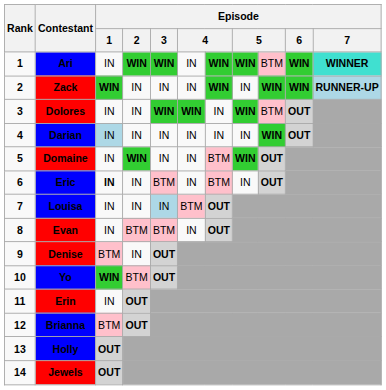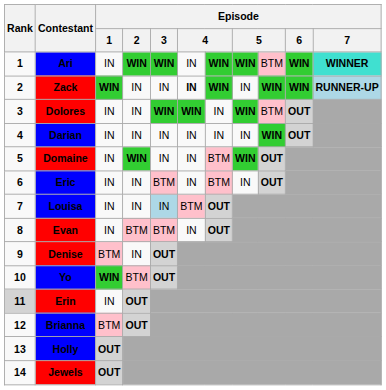 <table class="wikitable" style="text-align: center; font-size: 8.5pt; line-height:20px;">
 <tr>
 <th rowspan="2">Rank</th>
 <th rowspan="2">Contestant</th>
 <th colspan="11">Episode</th>
 </tr>
 <tr>
 <th>1</th>
 <th>2</th>
 <th>3</th>
 <th colspan=2>4</th>
 <th colspan=2>5</th>
 <th>6</th>
 <th>7</th>
 </tr>
 <tr>
 <td><strong>1</strong></td>
 <td style="background:blue"><span><strong>Ari</strong></span></td>
 <td>IN</td>
 <td style="background:limegreen;"><strong>WIN</strong></td>
 <td style="background:limegreen;"><strong>WIN</strong></td>
 <td>IN</td>
 <td style="background:limegreen;"><strong>WIN</strong></td>
 <td style="background:limegreen;"><strong>WIN</strong></td>
 <td style="background:pink;">BTM</td>
 <td style="background:limegreen;"><strong>WIN</strong></td>
 <td style="background:turquoise"><strong>WINNER</strong></td>
 </tr>
 <tr>
 <td><strong>2</strong></td>
 <td style="background:red"><span><strong>Zack</strong></span></td>
 <td style="background:limegreen;"><strong>WIN</strong></td>
 <td>IN</td>
 <td>IN</td>
-<td>IN</td>
+<td><strong>IN</strong></td>
 <td style="background:limegreen;"><strong>WIN</strong></td>
 <td>IN</td>
 <td style="background:limegreen;"><strong>WIN</strong></td>
 <td style="background:limegreen;"><strong>WIN</strong></td>
 <td style="background:lightblue"><strong>RUNNER-UP</strong></td>
 </tr>
 <tr>
 <td><strong>3</strong></td>
 <td style="background:red"><span><strong>Dolores</strong></span></td>
 <td>IN</td>
 <td>IN</td>
 <td style="background:limegreen;"><strong>WIN</strong></td>
 <td style="background:limegreen;"><strong>WIN</strong></td>
 <td>IN</td>
 <td style="background:limegreen;"><strong>WIN</strong></td>
 <td style="background:pink;">BTM</td>
 <td style="background:lightgray;"><strong>OUT</strong></td>
 <td colspan="12" style="background:darkgrey;"></td>
 </tr>
 <tr>
 <td><strong>4</strong></td>
 <td style="background:blue"><span><strong>Darian</strong></span></td>
-<td style="background: lightblue;">IN</td>
+<td>IN</td>
 <td>IN</td>
 <td>IN</td>
 <td>IN</td>
 <td>IN</td>
 <td>IN</td>
 <td style="background:limegreen;"><strong>WIN</strong></td>
 <td style="background:lightgray;"><strong>OUT</strong></td>
 <td colspan="12" style="background:darkgrey;"></td>
 </tr>
 <tr>
 <td><strong>5</strong></td>
 <td style="background:red"><span><strong>Domaine</strong></span></td>
 <td>IN</td>
 <td style="background:limegreen;"><strong>WIN</strong></td>
 <td>IN</td>
 <td>IN</td>
 <td style="background:pink;">BTM</td>
 <td style="background:limegreen;"><strong>WIN</strong></td>
 <td style="background:lightgray;"><strong>OUT</strong></td>
 <td colspan="12" style="background:darkgrey;"></td>
 </tr>
 <tr>
 <td><strong>6</strong></td>
 <td style="background:blue"><span><strong>Eric</strong></span></td>
-<td><strong>IN</strong></td>
+<td>IN</td>
 <td>IN</td>
 <td style="background:pink;">BTM</td>
 <td>IN</td>
 <td style="background:pink;">BTM</td>
 <td>IN</td>
 <td style="background:lightgray;"><strong>OUT</strong></td>
 <td colspan="12" style="background:darkgrey;"></td>
 </tr>
 <tr>
 <td><strong>7</strong></td>
 <td style="background:blue"><span><strong>Louisa</strong></span></td>
 <td>IN</td>
 <td>IN</td>
 <td style="background: lightblue;">IN</td>
 <td style="background:pink;">BTM</td>
 <td style="background:lightgray;"><strong>OUT</strong></td>
 <td colspan="12" style="background:darkgrey;"></td>
 </tr>
 <tr>
 <td><strong>8</strong></td>
 <td style="background:red"><span><strong>Evan</strong></span></td>
 <td>IN</td>
 <td style="background:pink;">BTM</td>
 <td style="background:pink;">BTM</td>
 <td>IN</td>
 <td style="background:lightgray;"><strong>OUT</strong></td>
 <td colspan="12" style="background:darkgrey;"></td>
 </tr>
 <tr>
 <td><strong>9</strong></td>
 <td style="background:red"><span><strong>Denise</strong></span></td>
 <td style="background:pink;">BTM</td>
 <td>IN</td>
 <td style="background:lightgray;"><strong>OUT</strong></td>
 <td colspan="12" style="background:darkgrey;"></td>
 </tr>
 <tr>
 <td><strong>10</strong></td>
 <td style="background:blue"><span><strong>Yo</strong></span></td>
 <td style="background:limegreen;"><strong>WIN</strong></td>
 <td style="background:pink;">BTM</td>
 <td style="background:lightgray;"><strong>OUT</strong></td>
 <td colspan="12" style="background:darkgrey;"></td>
 </tr>
 <tr>
-<td><strong>11</strong></td>
+<td style="background: lightgrey;"><strong>11</strong></td>
 <td style="background:red"><span><strong>Erin</strong></span></td>
 <td>IN</td>
 <td style="background:lightgray;"><strong>OUT</strong></td>
 <td colspan="12" style="background:darkgrey;"></td>
 </tr>
 <tr>
 <td><strong>12</strong></td>
 <td style="background:blue"><span><strong>Brianna</strong></span></td>
 <td style="background:pink;">BTM</td>
 <td style="background:lightgray;"><strong>OUT</strong></td>
 <td colspan="12" style="background:darkgrey;"></td>
 </tr>
 <tr>
 <td><strong>13</strong></td>
 <td style="background:blue"><span><strong>Holly</strong></span></td>
 <td style="background:lightgray;"><strong>OUT</strong></td>
 <td colspan="12" style="background:darkgrey;"></td>
 </tr>
 <tr>
 <td><strong>14</strong></td>
 <td style="background:red"><span><strong>Jewels</strong></span></td>
 <td style="background:lightgray;"><strong>OUT</strong></td>
 <td colspan="12" style="background:darkgrey;"></td>
 </tr>
 </table>
